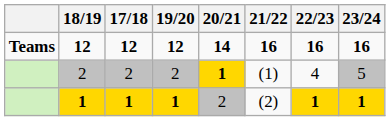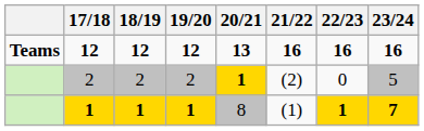 <table class="wikitable" style="font-size:80%;">
 <tr style="text-align:LEFT;">
 <th></th>
+<th>17/18</th>
 <th>18/19</th>
-<th>17/18</th>
 <th>19/20</th>
 <th>20/21</th>
 <th>21/22</th>
 <th>22/23</th>
 <th>23/24</th>
 </tr>
 <tr align=CENTER>
 <td><strong>Teams</strong></td>
 <td><strong>12</strong></td>
 <td><strong>12</strong></td>
 <td><strong>12</strong></td>
-<td><strong>14</strong></td>
+<td><strong>13</strong></td>
 <td><strong>16</strong></td>
 <td><strong>16</strong></td>
 <td><strong>16</strong></td>
 </tr>
 <tr style="text-align:CENTER; vertical-align:BOTTOM;">
 <td style="text-align:LEFT; background:#d0f0c0;"></td>
 <td style="background:silver;">2</td>
 <td style="background:silver;">2</td>
 <td style="background:silver;">2</td>
 <td bgcolor=gold><strong>1</strong></td>
-<td>(1)</td>
-<td>4</td>
+<td>(2)</td>
+<td>0</td>
 <td style="background:silver;">5</td>
 </tr>
 <tr style="text-align:CENTER; vertical-align:BOTTOM;">
 <td style="text-align:LEFT; background:#d0f0c0;"></td>
 <td bgcolor=gold><strong>1</strong></td>
 <td bgcolor=gold><strong>1</strong></td>
 <td bgcolor=gold><strong>1</strong></td>
-<td style="background:silver;">2</td>
-<td>(2)</td>
+<td style="background:silver;">8</td>
+<td>(1)</td>
 <td bgcolor=gold><strong>1</strong></td>
-<td bgcolor=gold><strong>1</strong></td>
+<td bgcolor=gold><strong>7</strong></td>
 </tr>
 </table>
